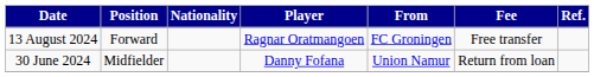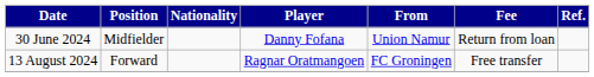 <table class="wikitable" style="text-align:center;">
 <tr>
 <th style="background:#00008B; color:#FFFFFF; ">Date</th>
 <th style="background:#00008B; color:#FFFFFF; ">Position</th>
 <th style="background:#00008B; color:#FFFFFF; ">Nationality</th>
 <th style="background:#00008B; color:#FFFFFF; ">Player</th>
 <th style="background:#00008B; color:#FFFFFF; ">From</th>
 <th style="background:#00008B; color:#FFFFFF; ">Fee</th>
 <th style="background:#00008B; color:#FFFFFF; ">Ref.</th>
 </tr>
 <tr>
+<td>30 June 2024</td>
+<td>Midfielder</td>
+<td></td>
+<td><a href='#'>Danny Fofana</a></td>
+<td> <a href='#'>Union Namur</a></td>
+<td>Return from loan</td>
+<td></td>
+</tr>
+<tr>
 <td>13 August 2024</td>
 <td>Forward</td>
 <td></td>
 <td><a href='#'>Ragnar Oratmangoen</a></td>
 <td> <a href='#'>FC Groningen</a></td>
 <td>Free transfer</td>
 <td></td>
 </tr>
 <tr>
-<td>30 June 2024</td>
-<td>Midfielder</td>
-<td></td>
-<td><a href='#'>Danny Fofana</a></td>
-<td> <a href='#'>Union Namur</a></td>
-<td>Return from loan</td>
-<td></td>
-</tr>
-<tr>
 </tr>
 </table>
